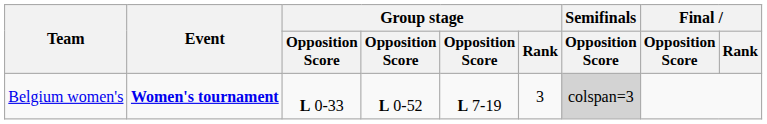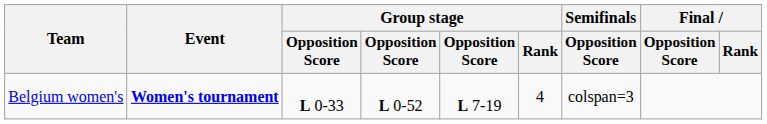 <table class="wikitable" style="text-align:center; font-size:90%">
 <tr>
 <th rowspan=2>Team</th>
 <th rowspan=2>Event</th>
 <th colspan=4>Group stage</th>
 <th>Semifinals</th>
 <th colspan=2>Final / </th>
 </tr>
 <tr style="font-size:95%">
 <th>Opposition<br>Score</th>
 <th>Opposition<br>Score</th>
 <th>Opposition<br>Score</th>
 <th>Rank</th>
 <th>Opposition<br>Score</th>
 <th>Opposition<br>Score</th>
 <th>Rank</th>
 </tr>
 <tr>
 <td align=left><a href='#'>Belgium women's</a></td>
 <td align=left><strong><a href='#'>Women's tournament</a></strong></td>
 <td><br><strong>L</strong> 0-33</td>
 <td><br><strong>L</strong> 0-52</td>
 <td><br><strong>L</strong> 7-19</td>
-<td>3</td>
-<td style="background: lightgrey;">colspan=3 </td>
+<td>4</td>
+<td>colspan=3 </td>
 </tr>
 </table>
